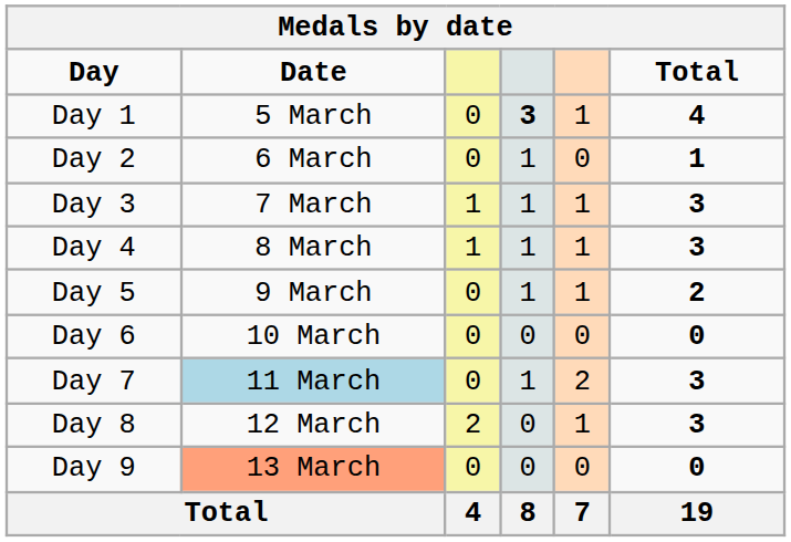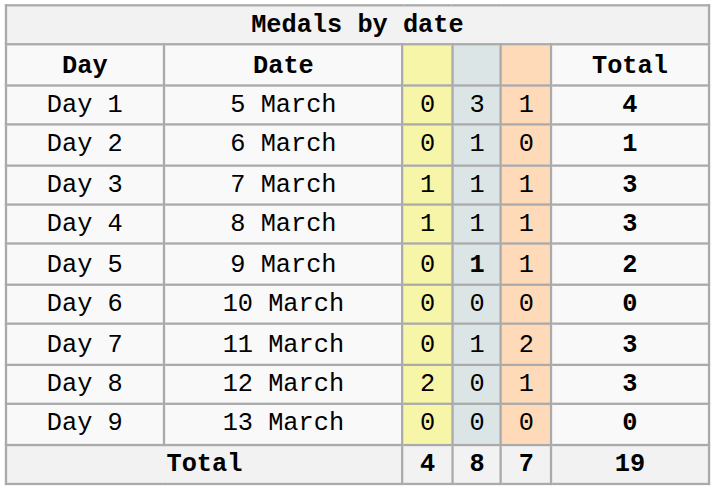 <table class=wikitable style="font-size:85%; float:right; clear:right; min-width:308px">
 <tr>
 <th colspan=6>Medals by date</th>
 </tr>
 <tr align="center">
 <td><strong>Day</strong></td>
 <td><strong>Date</strong></td>
 <td bgcolor=#F7F6A8></td>
 <td bgcolor=#DCE5E5></td>
 <td bgcolor=#FFDAB9></td>
 <td><strong>Total</strong></td>
 </tr>
 <tr align="center">
 <td>Day 1</td>
 <td>5 March</td>
 <td bgcolor=#F7F6A8>0</td>
-<td bgcolor=#DCE5E5><strong>3</strong></td>
+<td bgcolor=#DCE5E5>3</td>
 <td bgcolor=#FFDAB9>1</td>
 <td><strong>4</strong></td>
 </tr>
 <tr align="center">
 <td>Day 2</td>
 <td>6 March</td>
 <td bgcolor=#F7F6A8>0</td>
 <td bgcolor=#DCE5E5>1</td>
 <td bgcolor=#FFDAB9>0</td>
 <td><strong>1</strong></td>
 </tr>
 <tr align="center">
 <td>Day 3</td>
 <td>7 March</td>
 <td bgcolor=#F7F6A8>1</td>
 <td bgcolor=#DCE5E5>1</td>
 <td bgcolor=#FFDAB9>1</td>
 <td><strong>3</strong></td>
 </tr>
 <tr align="center">
 <td>Day 4</td>
 <td>8 March</td>
 <td bgcolor=#F7F6A8>1</td>
 <td bgcolor=#DCE5E5>1</td>
 <td bgcolor=#FFDAB9>1</td>
 <td><strong>3</strong></td>
 </tr>
 <tr align="center">
 <td>Day 5</td>
 <td>9 March</td>
 <td bgcolor=#F7F6A8>0</td>
-<td bgcolor=#DCE5E5>1</td>
+<td bgcolor=#DCE5E5><strong>1</strong></td>
 <td bgcolor=#FFDAB9>1</td>
 <td><strong>2</strong></td>
 </tr>
 <tr align="center">
 <td>Day 6</td>
 <td>10 March</td>
 <td bgcolor=#F7F6A8>0</td>
 <td bgcolor=#DCE5E5>0</td>
 <td bgcolor=#FFDAB9>0</td>
 <td><strong>0</strong></td>
 </tr>
 <tr align="center">
 <td>Day 7</td>
-<td style="background: lightblue;">11 March</td>
+<td>11 March</td>
 <td bgcolor=#F7F6A8>0</td>
 <td bgcolor=#DCE5E5>1</td>
 <td bgcolor=#FFDAB9>2</td>
 <td><strong>3</strong></td>
 </tr>
 <tr align="center">
 <td>Day 8</td>
 <td>12 March</td>
 <td bgcolor=#F7F6A8>2</td>
 <td bgcolor=#DCE5E5>0</td>
 <td bgcolor=#FFDAB9>1</td>
 <td><strong>3</strong></td>
 </tr>
 <tr align="center">
 <td>Day 9</td>
-<td style="background: lightsalmon;">13 March</td>
+<td>13 March</td>
 <td bgcolor=#F7F6A8>0</td>
 <td bgcolor=#DCE5E5>0</td>
 <td bgcolor=#FFDAB9>0</td>
 <td><strong>0</strong></td>
 </tr>
 <tr align="center">
 <th colspan=2>Total</th>
 <th bgcolor=gold>4</th>
 <th bgcolor=silver>8</th>
 <th bgcolor=#C96>7</th>
 <th>19</th>
 </tr>
 </table>
